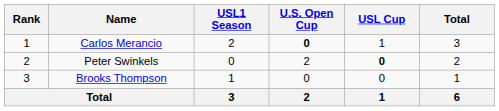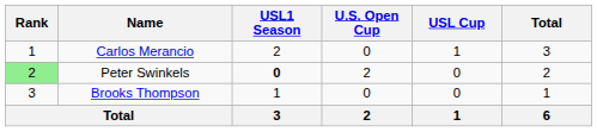 <table class="wikitable" style="text-align:center;">
 <tr>
 <th style="width:56px;">Rank</th>
 <th style="width:200px;">Name</th>
 <th style="width:100px;"><a href='#'>USL1 Season</a></th>
 <th style="width:100px;"><a href='#'>U.S. Open Cup</a></th>
 <th style="width:100px;"><a href='#'>USL Cup</a></th>
 <th style="width:100px;">Total</th>
 </tr>
 <tr>
 <td>1</td>
 <td> <a href='#'>Carlos Merancio</a></td>
 <td>2</td>
-<td><strong>0</strong></td>
+<td>0</td>
 <td>1</td>
 <td>3</td>
 </tr>
 <tr>
+<td style="background: lightgreen;">2</td>
+<td> Peter Swinkels</td>
+<td><strong>0</strong></td>
 <td>2</td>
-<td> Peter Swinkels</td>
 <td>0</td>
-<td>2</td>
-<td><strong>0</strong></td>
 <td>2</td>
 </tr>
 <tr>
 <td>3</td>
 <td> <a href='#'>Brooks Thompson</a></td>
 <td>1</td>
 <td>0</td>
 <td>0</td>
 <td>1</td>
 </tr>
 <tr>
 <th colspan="2">Total</th>
 <th>3</th>
 <th>2</th>
 <th>1</th>
 <th>6</th>
 </tr>
 </table>
